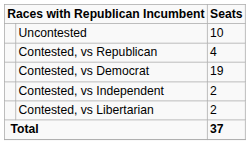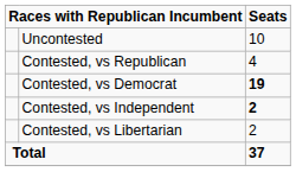 <table class="wikitable">
 <tr>
 <td colspan="2" rowspan="1" align="center"><strong>Races with Republican Incumbent</strong></td>
 <td valign="top"><strong>Seats</strong><br></td>
 </tr>
 <tr>
 <td style="background-color:"> </td>
 <td>Uncontested</td>
 <td>10</td>
 </tr>
 <tr>
 <td style="background-color:"> </td>
 <td>Contested, vs Republican</td>
 <td>4</td>
 </tr>
 <tr>
 <td style="background-color:"> </td>
 <td>Contested, vs Democrat</td>
-<td>19</td>
+<td><strong>19</strong></td>
 </tr>
 <tr>
 <td style="background-color:"> </td>
 <td>Contested, vs Independent</td>
-<td>2</td>
+<td><strong>2</strong></td>
 </tr>
 <tr>
 <td style="background-color:"> </td>
 <td>Contested, vs Libertarian</td>
 <td>2</td>
 </tr>
 <tr>
 <td colspan="2" rowspan="1"> <strong>Total</strong><br></td>
 <td><strong>37</strong></td>
 </tr>
 <tr>
 </tr>
 </table>
